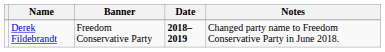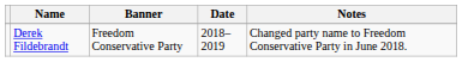 <table class="wikitable">
 <tr>
 <th></th>
 <th>Name</th>
 <th>Banner</th>
 <th>Date</th>
 <th>Notes</th>
 </tr>
 <tr>
 </tr>
 <tr>
 <td></td>
 <td><a href='#'>Derek Fildebrandt</a></td>
 <td>Freedom Conservative Party</td>
-<td><strong>2018–2019</strong></td>
+<td>2018–2019</td>
 <td>Changed party name to Freedom Conservative Party in June 2018.</td>
 </tr>
 </table>
